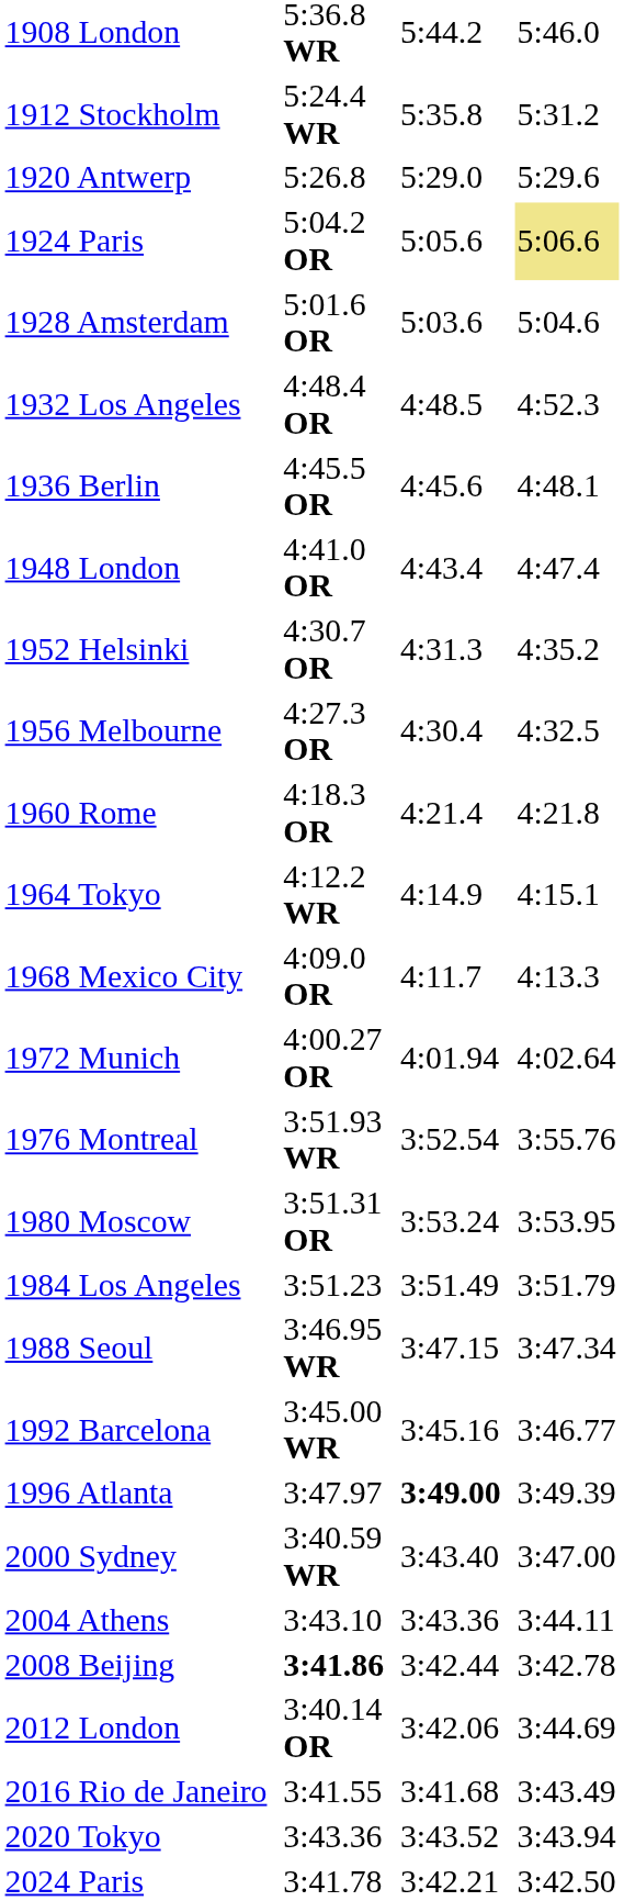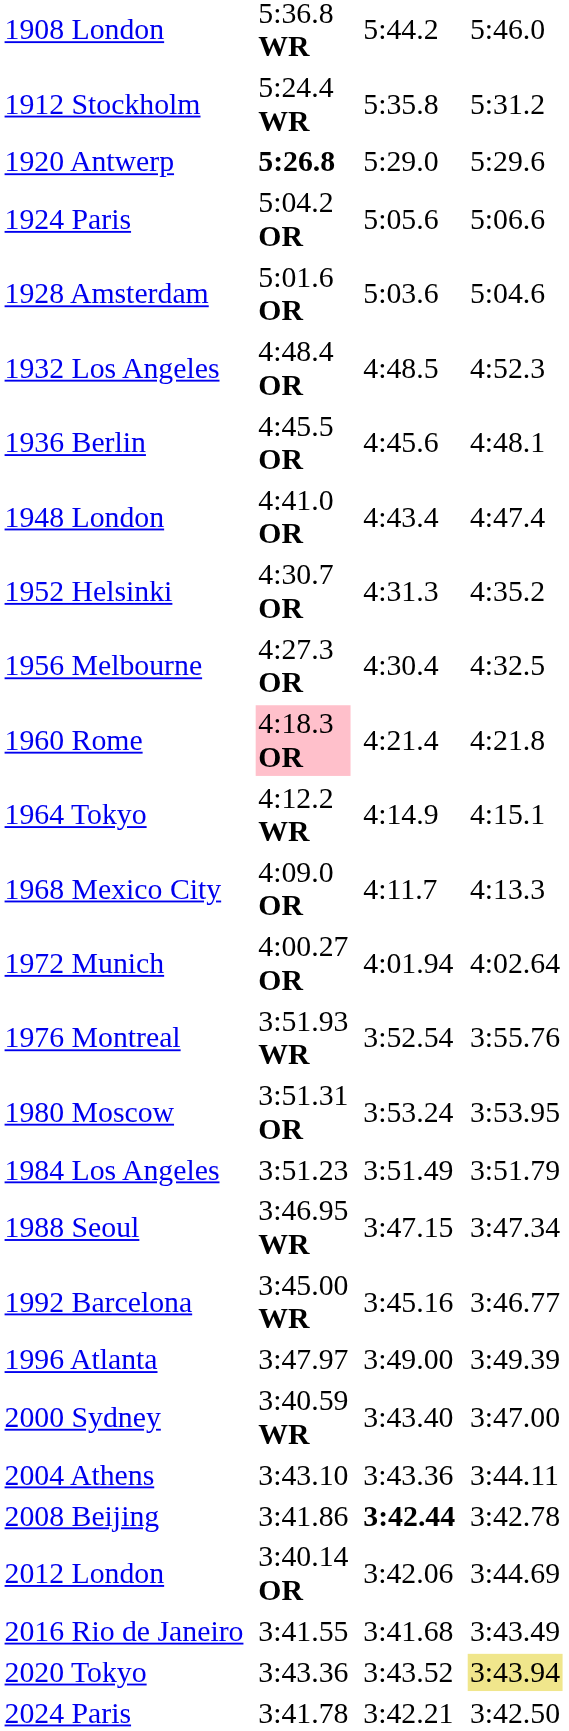 <table>
 <tr>
 <td><a href='#'>1908 London</a><br></td>
 <td></td>
 <td>5:36.8 <br> <strong>WR</strong></td>
 <td></td>
 <td>5:44.2</td>
 <td></td>
 <td>5:46.0</td>
 </tr>
 <tr>
 <td><a href='#'>1912 Stockholm</a><br></td>
 <td></td>
 <td>5:24.4 <br> <strong>WR</strong></td>
 <td></td>
 <td>5:35.8</td>
 <td></td>
 <td>5:31.2</td>
 </tr>
 <tr>
 <td><a href='#'>1920 Antwerp</a><br></td>
 <td></td>
-<td>5:26.8</td>
+<td><strong>5:26.8</strong></td>
 <td></td>
 <td>5:29.0</td>
 <td></td>
 <td>5:29.6</td>
 </tr>
 <tr>
 <td><a href='#'>1924 Paris</a><br></td>
 <td></td>
 <td>5:04.2 <br> <strong>OR</strong></td>
 <td></td>
 <td>5:05.6</td>
 <td></td>
-<td style="background: khaki;">5:06.6</td>
+<td>5:06.6</td>
 </tr>
 <tr>
 <td><a href='#'>1928 Amsterdam</a><br></td>
 <td></td>
 <td>5:01.6 <br> <strong>OR</strong></td>
 <td></td>
 <td>5:03.6</td>
 <td></td>
 <td>5:04.6</td>
 </tr>
 <tr>
 <td><a href='#'>1932 Los Angeles</a><br></td>
 <td></td>
 <td>4:48.4 <br> <strong>OR</strong></td>
 <td></td>
 <td>4:48.5</td>
 <td></td>
 <td>4:52.3</td>
 </tr>
 <tr>
 <td><a href='#'>1936 Berlin</a><br></td>
 <td></td>
 <td>4:45.5 <br> <strong>OR</strong></td>
 <td></td>
 <td>4:45.6</td>
 <td></td>
 <td>4:48.1</td>
 </tr>
 <tr>
 <td><a href='#'>1948 London</a><br></td>
 <td></td>
 <td>4:41.0 <br> <strong>OR</strong></td>
 <td></td>
 <td>4:43.4</td>
 <td></td>
 <td>4:47.4</td>
 </tr>
 <tr>
 <td><a href='#'>1952 Helsinki</a><br></td>
 <td></td>
 <td>4:30.7 <br> <strong>OR</strong></td>
 <td></td>
 <td>4:31.3</td>
 <td></td>
 <td>4:35.2</td>
 </tr>
 <tr>
 <td><a href='#'>1956 Melbourne</a><br></td>
 <td></td>
 <td>4:27.3 <br> <strong>OR</strong></td>
 <td></td>
 <td>4:30.4</td>
 <td></td>
 <td>4:32.5</td>
 </tr>
 <tr>
 <td><a href='#'>1960 Rome</a><br></td>
 <td></td>
-<td>4:18.3 <br> <strong>OR</strong></td>
+<td style="background: pink;">4:18.3 <br> <strong>OR</strong></td>
 <td></td>
 <td>4:21.4</td>
 <td></td>
 <td>4:21.8</td>
 </tr>
 <tr>
 <td><a href='#'>1964 Tokyo</a><br></td>
 <td></td>
 <td>4:12.2 <br> <strong>WR</strong></td>
 <td></td>
 <td>4:14.9</td>
 <td></td>
 <td>4:15.1</td>
 </tr>
 <tr>
 <td><a href='#'>1968 Mexico City</a><br></td>
 <td></td>
 <td>4:09.0 <br> <strong>OR</strong></td>
 <td></td>
 <td>4:11.7</td>
 <td></td>
 <td>4:13.3</td>
 </tr>
 <tr>
 <td><a href='#'>1972 Munich</a><br></td>
 <td></td>
 <td>4:00.27 <br> <strong>OR</strong></td>
 <td></td>
 <td>4:01.94</td>
 <td></td>
 <td>4:02.64</td>
 </tr>
 <tr>
 <td><a href='#'>1976 Montreal</a><br></td>
 <td></td>
 <td>3:51.93 <br> <strong>WR</strong></td>
 <td></td>
 <td>3:52.54</td>
 <td></td>
 <td>3:55.76</td>
 </tr>
 <tr>
 <td><a href='#'>1980 Moscow</a><br></td>
 <td></td>
 <td>3:51.31 <br> <strong>OR</strong></td>
 <td></td>
 <td>3:53.24</td>
 <td></td>
 <td>3:53.95</td>
 </tr>
 <tr>
 <td><a href='#'>1984 Los Angeles</a><br></td>
 <td></td>
 <td>3:51.23</td>
 <td></td>
 <td>3:51.49</td>
 <td></td>
 <td>3:51.79</td>
 </tr>
 <tr>
 <td><a href='#'>1988 Seoul</a><br></td>
 <td></td>
 <td>3:46.95 <br> <strong>WR</strong></td>
 <td></td>
 <td>3:47.15</td>
 <td></td>
 <td>3:47.34</td>
 </tr>
 <tr>
 <td><a href='#'>1992 Barcelona</a><br></td>
 <td></td>
 <td>3:45.00 <br> <strong>WR</strong></td>
 <td></td>
 <td>3:45.16</td>
 <td></td>
 <td>3:46.77</td>
 </tr>
 <tr>
 <td><a href='#'>1996 Atlanta</a><br></td>
 <td></td>
 <td>3:47.97</td>
 <td></td>
-<td><strong>3:49.00</strong></td>
+<td>3:49.00</td>
 <td></td>
 <td>3:49.39</td>
 </tr>
 <tr>
 <td><a href='#'>2000 Sydney</a><br></td>
 <td></td>
 <td>3:40.59 <br> <strong>WR</strong></td>
 <td></td>
 <td>3:43.40</td>
 <td></td>
 <td>3:47.00</td>
 </tr>
 <tr>
 <td><a href='#'>2004 Athens</a><br></td>
 <td></td>
 <td>3:43.10</td>
 <td></td>
 <td>3:43.36</td>
 <td></td>
 <td>3:44.11</td>
 </tr>
 <tr>
 <td><a href='#'>2008 Beijing</a><br></td>
 <td></td>
-<td><strong>3:41.86</strong></td>
+<td>3:41.86</td>
 <td></td>
-<td>3:42.44</td>
+<td><strong>3:42.44</strong></td>
 <td></td>
 <td>3:42.78</td>
 </tr>
 <tr>
 <td><a href='#'>2012 London</a><br></td>
 <td></td>
 <td>3:40.14 <br> <strong>OR</strong></td>
 <td></td>
 <td>3:42.06</td>
 <td></td>
 <td>3:44.69</td>
 </tr>
 <tr>
 <td><a href='#'>2016 Rio de Janeiro</a><br></td>
 <td></td>
 <td>3:41.55</td>
 <td></td>
 <td>3:41.68</td>
 <td></td>
 <td>3:43.49</td>
 </tr>
 <tr>
 <td><a href='#'>2020 Tokyo</a><br></td>
 <td></td>
 <td>3:43.36</td>
 <td></td>
 <td>3:43.52</td>
 <td></td>
-<td>3:43.94</td>
+<td style="background: khaki;">3:43.94</td>
 </tr>
 <tr>
 <td><a href='#'>2024 Paris</a><br></td>
 <td></td>
 <td>3:41.78</td>
 <td></td>
 <td>3:42.21</td>
 <td></td>
 <td>3:42.50</td>
 </tr>
 <tr>
 </tr>
 </table>
